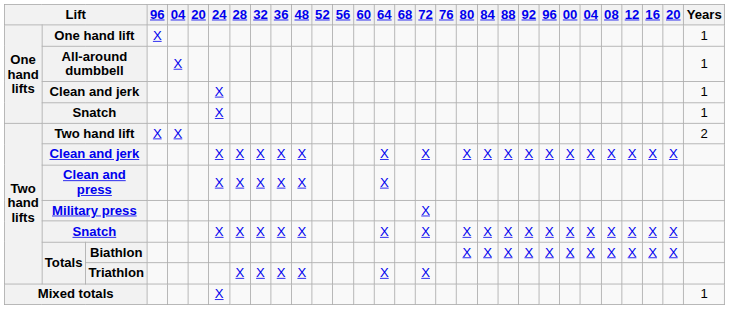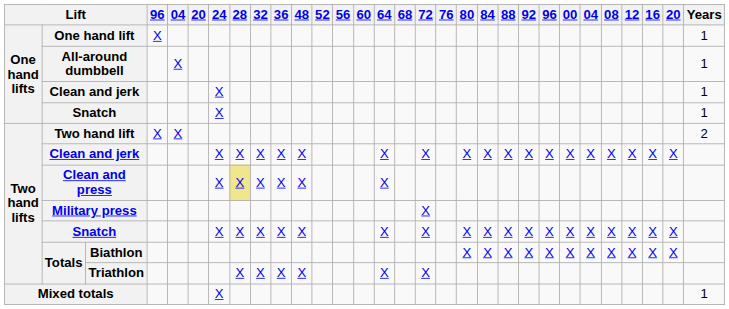 <table class="wikitable plainrowheaders sticky-header" style="text-align:center">
 <tr>
 <th scope="colgroup" colspan="3">Lift</th>
 <th scope="col"><a href='#'>96</a></th>
 <th scope="col"><a href='#'>04</a></th>
 <th scope="col"><a href='#'>20</a></th>
 <th scope="col"><a href='#'>24</a></th>
 <th scope="col"><a href='#'>28</a></th>
 <th scope="col"><a href='#'>32</a></th>
 <th scope="col"><a href='#'>36</a></th>
 <th scope="col"><a href='#'>48</a></th>
 <th scope="col"><a href='#'>52</a></th>
 <th scope="col"><a href='#'>56</a></th>
 <th scope="col"><a href='#'>60</a></th>
 <th scope="col"><a href='#'>64</a></th>
 <th scope="col"><a href='#'>68</a></th>
 <th scope="col"><a href='#'>72</a></th>
 <th scope="col"><a href='#'>76</a></th>
 <th scope="col"><a href='#'>80</a></th>
 <th scope="col"><a href='#'>84</a></th>
 <th scope="col"><a href='#'>88</a></th>
 <th scope="col"><a href='#'>92</a></th>
 <th scope="col"><a href='#'>96</a></th>
 <th scope="col"><a href='#'>00</a></th>
 <th scope="col"><a href='#'>04</a></th>
 <th scope="col"><a href='#'>08</a></th>
 <th scope="col"><a href='#'>12</a></th>
 <th scope="col"><a href='#'>16</a></th>
 <th scope="col"><a href='#'>20</a></th>
 <th scope="col">Years</th>
 </tr>
 <tr>
 <th scope="rowgroup" rowspan="4"><strong>One<br>hand<br>lifts</strong></th>
 <th scope="row" colspan="2">One hand lift</th>
 <td><a href='#'>X</a></td>
 <td></td>
 <td></td>
 <td></td>
 <td></td>
 <td></td>
 <td></td>
 <td></td>
 <td></td>
 <td></td>
 <td></td>
 <td></td>
 <td></td>
 <td></td>
 <td></td>
 <td></td>
 <td></td>
 <td></td>
 <td></td>
 <td></td>
 <td></td>
 <td></td>
 <td></td>
 <td></td>
 <td></td>
 <td></td>
 <td>1</td>
 </tr>
 <tr>
 <th scope="row" colspan="2">All-around dumbbell</th>
 <td></td>
 <td><a href='#'>X</a></td>
 <td></td>
 <td></td>
 <td></td>
 <td></td>
 <td></td>
 <td></td>
 <td></td>
 <td></td>
 <td></td>
 <td></td>
 <td></td>
 <td></td>
 <td></td>
 <td></td>
 <td></td>
 <td></td>
 <td></td>
 <td></td>
 <td></td>
 <td></td>
 <td></td>
 <td></td>
 <td></td>
 <td></td>
 <td>1</td>
 </tr>
 <tr>
 <th scope="row" colspan="2">Clean and jerk</th>
 <td></td>
 <td></td>
 <td></td>
 <td><a href='#'>X</a></td>
 <td></td>
 <td></td>
 <td></td>
 <td></td>
 <td></td>
 <td></td>
 <td></td>
 <td></td>
 <td></td>
 <td></td>
 <td></td>
 <td></td>
 <td></td>
 <td></td>
 <td></td>
 <td></td>
 <td></td>
 <td></td>
 <td></td>
 <td></td>
 <td></td>
 <td></td>
 <td>1</td>
 </tr>
 <tr>
 <th scope="row" colspan="2">Snatch</th>
 <td></td>
 <td></td>
 <td></td>
 <td><a href='#'>X</a></td>
 <td></td>
 <td></td>
 <td></td>
 <td></td>
 <td></td>
 <td></td>
 <td></td>
 <td></td>
 <td></td>
 <td></td>
 <td></td>
 <td></td>
 <td></td>
 <td></td>
 <td></td>
 <td></td>
 <td></td>
 <td></td>
 <td></td>
 <td></td>
 <td></td>
 <td></td>
 <td>1</td>
 </tr>
 <tr>
 <th scope="rowgroup" rowspan="7"><strong>Two<br>hand<br>lifts</strong></th>
 <th scope="row" colspan="2">Two hand lift</th>
 <td><a href='#'>X</a></td>
 <td><a href='#'>X</a></td>
 <td></td>
 <td></td>
 <td></td>
 <td></td>
 <td></td>
 <td></td>
 <td></td>
 <td></td>
 <td></td>
 <td></td>
 <td></td>
 <td></td>
 <td></td>
 <td></td>
 <td></td>
 <td></td>
 <td></td>
 <td></td>
 <td></td>
 <td></td>
 <td></td>
 <td></td>
 <td></td>
 <td></td>
 <td>2</td>
 </tr>
 <tr>
 <th scope="row" colspan="2"><a href='#'>Clean and jerk</a></th>
 <td></td>
 <td></td>
 <td></td>
 <td><a href='#'>X</a></td>
 <td><a href='#'>X</a></td>
 <td><a href='#'>X</a></td>
 <td><a href='#'>X</a></td>
 <td><a href='#'>X</a></td>
 <td></td>
 <td></td>
 <td></td>
 <td><a href='#'>X</a></td>
 <td></td>
 <td><a href='#'>X</a></td>
 <td></td>
 <td><a href='#'>X</a></td>
 <td><a href='#'>X</a></td>
 <td><a href='#'>X</a></td>
 <td><a href='#'>X</a></td>
 <td><a href='#'>X</a></td>
 <td><a href='#'>X</a></td>
 <td><a href='#'>X</a></td>
 <td><a href='#'>X</a></td>
 <td><a href='#'>X</a></td>
 <td><a href='#'>X</a></td>
 <td><a href='#'>X</a></td>
 <td></td>
 </tr>
 <tr>
 <th scope="row" colspan="2"><a href='#'>Clean and press</a></th>
 <td></td>
 <td></td>
 <td></td>
 <td><a href='#'>X</a></td>
-<td><a href='#'>X</a></td>
+<td style="background: khaki;"><a href='#'>X</a></td>
 <td><a href='#'>X</a></td>
 <td><a href='#'>X</a></td>
 <td><a href='#'>X</a></td>
 <td></td>
 <td></td>
 <td></td>
 <td><a href='#'>X</a></td>
 <td></td>
 <td></td>
 <td></td>
 <td></td>
 <td></td>
 <td></td>
 <td></td>
 <td></td>
 <td></td>
 <td></td>
 <td></td>
 <td></td>
 <td></td>
 <td></td>
 <td></td>
 </tr>
 <tr>
 <th scope="row" colspan="2"><a href='#'>Military press</a></th>
 <td></td>
 <td></td>
 <td></td>
 <td></td>
 <td></td>
 <td></td>
 <td></td>
 <td></td>
 <td></td>
 <td></td>
 <td></td>
 <td></td>
 <td></td>
 <td><a href='#'>X</a></td>
 <td></td>
 <td></td>
 <td></td>
 <td></td>
 <td></td>
 <td></td>
 <td></td>
 <td></td>
 <td></td>
 <td></td>
 <td></td>
 <td></td>
 <td></td>
 </tr>
 <tr>
 <th scope="row" colspan="2"><a href='#'>Snatch</a></th>
 <td></td>
 <td></td>
 <td></td>
 <td><a href='#'>X</a></td>
 <td><a href='#'>X</a></td>
 <td><a href='#'>X</a></td>
 <td><a href='#'>X</a></td>
 <td><a href='#'>X</a></td>
 <td></td>
 <td></td>
 <td></td>
 <td><a href='#'>X</a></td>
 <td></td>
 <td><a href='#'>X</a></td>
 <td></td>
 <td><a href='#'>X</a></td>
 <td><a href='#'>X</a></td>
 <td><a href='#'>X</a></td>
 <td><a href='#'>X</a></td>
 <td><a href='#'>X</a></td>
 <td><a href='#'>X</a></td>
 <td><a href='#'>X</a></td>
 <td><a href='#'>X</a></td>
 <td><a href='#'>X</a></td>
 <td><a href='#'>X</a></td>
 <td><a href='#'>X</a></td>
 <td></td>
 </tr>
 <tr>
 <th scope="rowgroup" rowspan="2"><strong>Totals</strong></th>
 <th scope="row">Biathlon </th>
 <td></td>
 <td></td>
 <td></td>
 <td></td>
 <td></td>
 <td></td>
 <td></td>
 <td></td>
 <td></td>
 <td></td>
 <td></td>
 <td></td>
 <td></td>
 <td></td>
 <td></td>
 <td><a href='#'>X</a></td>
 <td><a href='#'>X</a></td>
 <td><a href='#'>X</a></td>
 <td><a href='#'>X</a></td>
 <td><a href='#'>X</a></td>
 <td><a href='#'>X</a></td>
 <td><a href='#'>X</a></td>
 <td><a href='#'>X</a></td>
 <td><a href='#'>X</a></td>
 <td><a href='#'>X</a></td>
 <td><a href='#'>X</a></td>
 <td></td>
 </tr>
 <tr>
 <th scope="row">Triathlon </th>
 <td></td>
 <td></td>
 <td></td>
 <td></td>
 <td><a href='#'>X</a></td>
 <td><a href='#'>X</a></td>
 <td><a href='#'>X</a></td>
 <td><a href='#'>X</a></td>
 <td></td>
 <td></td>
 <td></td>
 <td><a href='#'>X</a></td>
 <td></td>
 <td><a href='#'>X</a></td>
 <td></td>
 <td></td>
 <td></td>
 <td></td>
 <td></td>
 <td></td>
 <td></td>
 <td></td>
 <td></td>
 <td></td>
 <td></td>
 <td></td>
 <td></td>
 </tr>
 <tr>
 <th scope="row" colspan="3"><strong>Mixed totals</strong></th>
 <td></td>
 <td></td>
 <td></td>
 <td><a href='#'>X</a></td>
 <td></td>
 <td></td>
 <td></td>
 <td></td>
 <td></td>
 <td></td>
 <td></td>
 <td></td>
 <td></td>
 <td></td>
 <td></td>
 <td></td>
 <td></td>
 <td></td>
 <td></td>
 <td></td>
 <td></td>
 <td></td>
 <td></td>
 <td></td>
 <td></td>
 <td></td>
 <td>1</td>
 </tr>
 </table>
